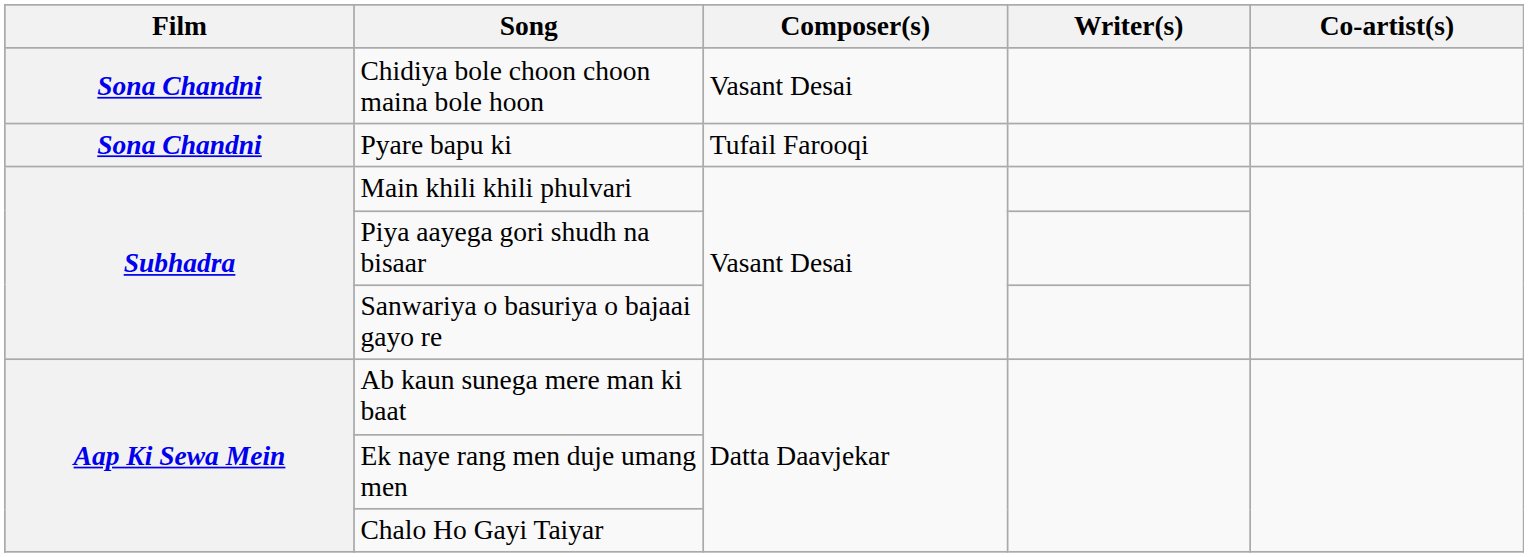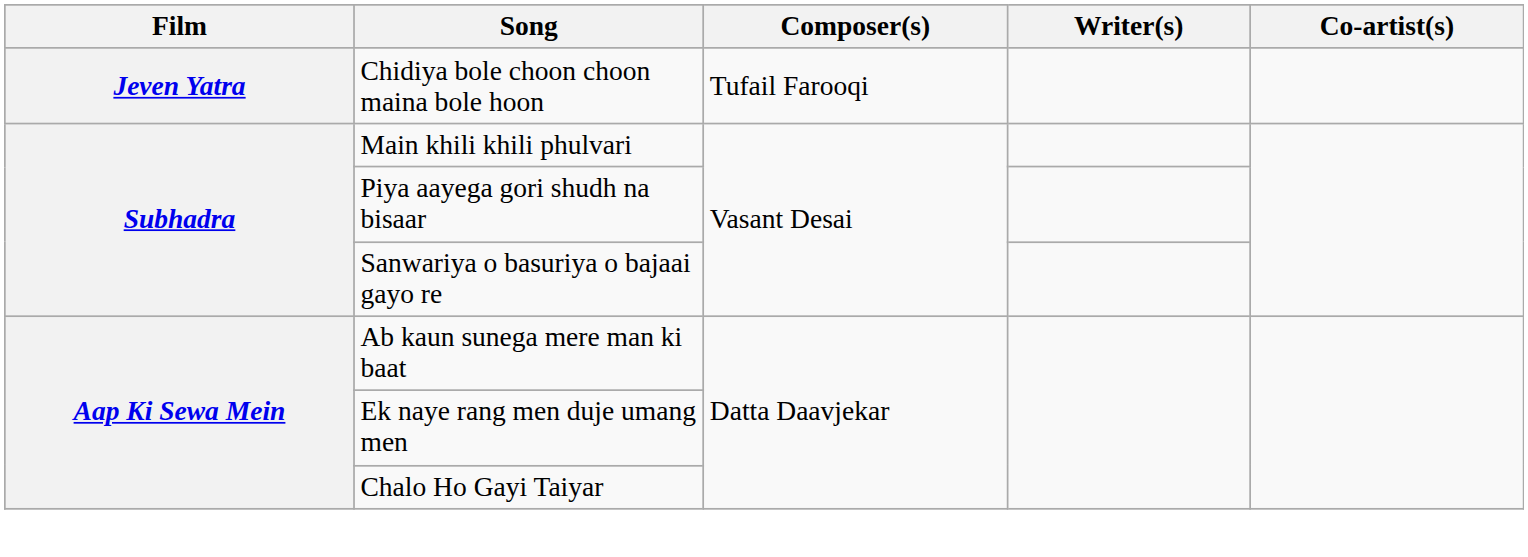 <table class="wikitable plainrowheaders" style="width:100%; textcolor:#000">
 <tr style="background:#b0e0e66;">
 <th scope="col" style="width:23%;"><strong>Film</strong></th>
 <th scope="col" style="width:23%;"><strong>Song</strong></th>
 <th scope="col" style="width:20%;"><strong>Composer(s)</strong></th>
 <th scope="col" style="width:16%;"><strong>Writer(s)</strong></th>
 <th scope="col" style="width:18%;"><strong>Co-artist(s)</strong></th>
 </tr>
 <tr>
-<th><em><a href='#'>Sona Chandni</a></em></th>
+<th><em><a href='#'>Jeven Yatra</a></em></th>
 <td>Chidiya bole choon choon maina bole hoon</td>
-<td>Vasant Desai</td>
-<td></td>
-<td></td>
-</tr>
-<tr>
-<th><em><a href='#'>Sona Chandni</a></em></th>
-<td>Pyare bapu ki</td>
 <td>Tufail Farooqi</td>
 <td></td>
 <td></td>
 </tr>
 <tr>
 <th Rowspan=3><em><a href='#'>Subhadra</a></em></th>
 <td>Main khili khili phulvari</td>
 <td rowspan=3>Vasant Desai</td>
 <td></td>
 <td rowspan=3></td>
 </tr>
 <tr>
 <td>Piya aayega gori shudh na bisaar</td>
 <td></td>
 </tr>
 <tr>
 <td>Sanwariya o basuriya o bajaai gayo re</td>
 <td></td>
 </tr>
 <tr>
 <th Rowspan=3><em><a href='#'>Aap Ki Sewa Mein</a></em></th>
 <td>Ab kaun sunega mere man ki baat</td>
 <td rowspan=3>Datta Daavjekar</td>
 <td rowspan=3></td>
 <td rowspan=3></td>
 </tr>
 <tr>
 <td>Ek naye rang men duje umang men</td>
 </tr>
 <tr>
 <td>Chalo Ho Gayi Taiyar</td>
 </tr>
 </table>
